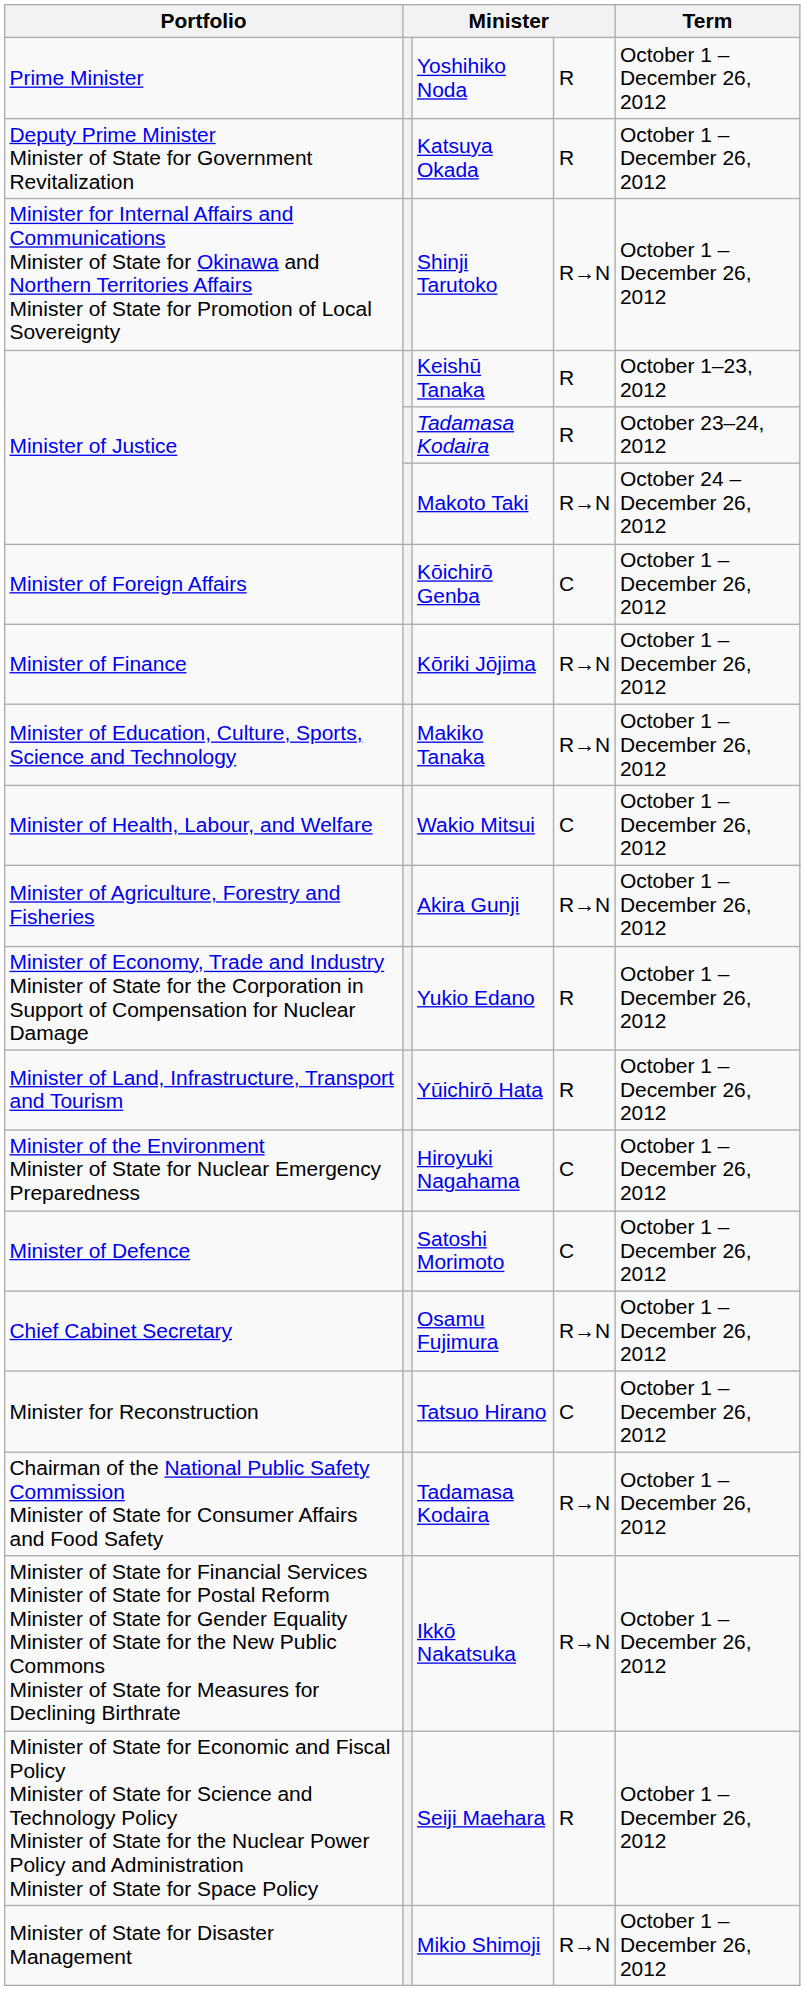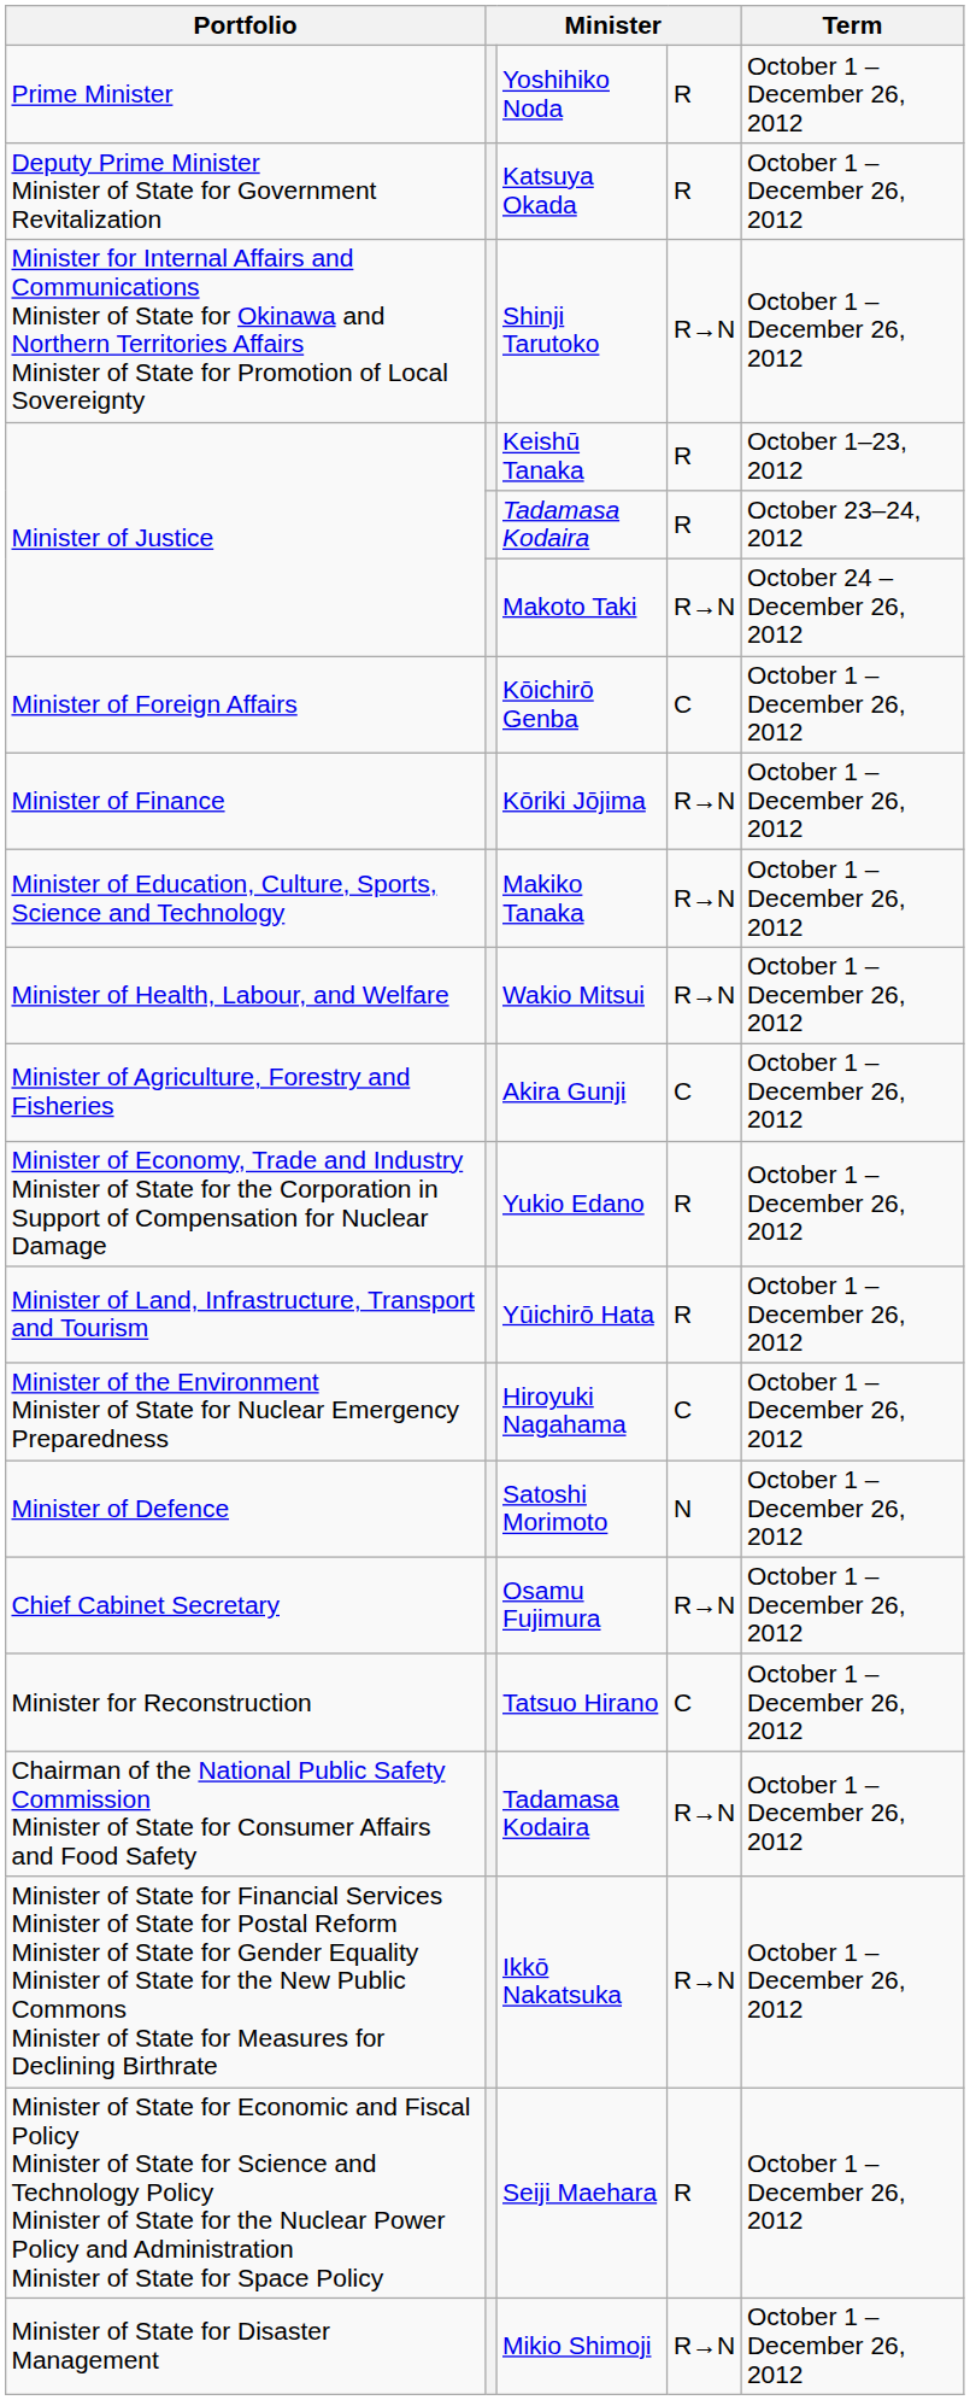 <table class="wikitable">
 <tr>
 <th>Portfolio</th>
 <th colspan=3>Minister</th>
 <th colspan=2>Term</th>
 </tr>
 <tr>
 <td><a href='#'>Prime Minister</a></td>
 <th style="color:inherit;background-color: "></th>
 <td><a href='#'>Yoshihiko Noda</a></td>
 <td>R</td>
 <td>October 1 – December 26, 2012</td>
 </tr>
 <tr>
 <td><a href='#'>Deputy Prime Minister</a> <br> Minister of State for Government Revitalization</td>
 <th style="color:inherit;background-color: "></th>
 <td><a href='#'>Katsuya Okada</a></td>
 <td>R</td>
 <td>October 1 – December 26, 2012</td>
 </tr>
 <tr>
 <td><a href='#'>Minister for Internal Affairs and Communications</a> <br> Minister of State for <a href='#'>Okinawa</a> and <a href='#'>Northern Territories Affairs</a> <br>Minister of State for Promotion of Local Sovereignty</td>
 <th style="color:inherit;background-color: "></th>
 <td><a href='#'>Shinji Tarutoko</a></td>
 <td>R→N</td>
 <td>October 1 – December 26, 2012</td>
 </tr>
 <tr>
 <td rowspan="3"><a href='#'>Minister of Justice</a></td>
 <th style="color:inherit;background-color: "></th>
 <td><a href='#'>Keishū Tanaka</a></td>
 <td>R</td>
 <td>October 1–23, 2012</td>
 </tr>
 <tr>
 <th style="color:inherit;background-color: "></th>
 <td><em><a href='#'>Tadamasa Kodaira</a></em></td>
 <td>R</td>
 <td>October 23–24, 2012</td>
 </tr>
 <tr>
 <th style="color:inherit;background-color: "></th>
 <td><a href='#'>Makoto Taki</a></td>
 <td>R→N</td>
 <td>October 24 – December 26, 2012</td>
 </tr>
 <tr>
 <td><a href='#'>Minister of Foreign Affairs</a></td>
 <th style="color:inherit;background-color: "></th>
 <td><a href='#'>Kōichirō Genba</a></td>
 <td>C</td>
 <td>October 1 – December 26, 2012</td>
 </tr>
 <tr>
 <td><a href='#'>Minister of Finance</a></td>
 <th style="color:inherit;background-color: "></th>
 <td><a href='#'>Kōriki Jōjima</a></td>
 <td>R→N</td>
 <td>October 1 – December 26, 2012</td>
 </tr>
 <tr>
 <td><a href='#'>Minister of Education, Culture, Sports, Science and Technology</a></td>
 <th style="color:inherit;background-color: "></th>
 <td><a href='#'>Makiko Tanaka</a></td>
 <td>R→N</td>
 <td>October 1 – December 26, 2012</td>
 </tr>
 <tr>
 <td><a href='#'>Minister of Health, Labour, and Welfare</a></td>
 <th style="color:inherit;background-color: "></th>
 <td><a href='#'>Wakio Mitsui</a></td>
-<td>C</td>
+<td>R→N</td>
 <td>October 1 – December 26, 2012</td>
 </tr>
 <tr>
 <td><a href='#'>Minister of Agriculture, Forestry and Fisheries</a></td>
 <th style="color:inherit;background-color: "></th>
 <td><a href='#'>Akira Gunji</a></td>
-<td>R→N</td>
+<td>C</td>
 <td>October 1 – December 26, 2012</td>
 </tr>
 <tr>
 <td><a href='#'>Minister of Economy, Trade and Industry</a> <br> Minister of State for the Corporation in Support of Compensation for Nuclear Damage</td>
 <th style="color:inherit;background-color: "></th>
 <td><a href='#'>Yukio Edano</a></td>
 <td>R</td>
 <td>October 1 – December 26, 2012</td>
 </tr>
 <tr>
 <td><a href='#'>Minister of Land, Infrastructure, Transport and Tourism</a></td>
 <th style="color:inherit;background-color: "></th>
 <td><a href='#'>Yūichirō Hata</a></td>
 <td>R</td>
 <td>October 1 – December 26, 2012</td>
 </tr>
 <tr>
 <td><a href='#'>Minister of the Environment</a> <br> Minister of State for Nuclear Emergency Preparedness</td>
 <th style="color:inherit;background-color: "></th>
 <td><a href='#'>Hiroyuki Nagahama</a></td>
 <td>C</td>
 <td>October 1 – December 26, 2012</td>
 </tr>
 <tr>
 <td><a href='#'>Minister of Defence</a></td>
 <th style="color:inherit;background-color: "></th>
 <td><a href='#'>Satoshi Morimoto</a></td>
-<td>C</td>
+<td>N</td>
 <td>October 1 – December 26, 2012</td>
 </tr>
 <tr>
 <td><a href='#'>Chief Cabinet Secretary</a></td>
 <th style="color:inherit;background-color: "></th>
 <td><a href='#'>Osamu Fujimura</a></td>
 <td>R→N</td>
 <td>October 1 – December 26, 2012</td>
 </tr>
 <tr>
 <td>Minister for Reconstruction</td>
 <th style="color:inherit;background-color: "></th>
 <td><a href='#'>Tatsuo Hirano</a></td>
 <td>C</td>
 <td>October 1 – December 26, 2012</td>
 </tr>
 <tr>
 <td>Chairman of the <a href='#'>National Public Safety Commission</a> <br> Minister of State for Consumer Affairs and Food Safety</td>
 <th style="color:inherit;background-color: "></th>
 <td><a href='#'>Tadamasa Kodaira</a></td>
 <td>R→N</td>
 <td>October 1 – December 26, 2012</td>
 </tr>
 <tr>
 <td>Minister of State for Financial Services <br> Minister of State for Postal Reform <br> Minister of State for Gender Equality <br> Minister of State for the New Public Commons <br> Minister of State for Measures for Declining Birthrate</td>
 <th style="color:inherit;background-color: "></th>
 <td><a href='#'>Ikkō Nakatsuka</a></td>
 <td>R→N</td>
 <td>October 1 – December 26, 2012</td>
 </tr>
 <tr>
 <td>Minister of State for Economic and Fiscal Policy <br> Minister of State for Science and Technology Policy <br> Minister of State for the Nuclear Power Policy and Administration <br> Minister of State for Space Policy</td>
 <th style="color:inherit;background-color: "></th>
 <td><a href='#'>Seiji Maehara</a></td>
 <td>R</td>
 <td>October 1 – December 26, 2012</td>
 </tr>
 <tr>
 <td>Minister of State for Disaster Management</td>
 <th style="color:inherit;background-color: "></th>
 <td><a href='#'>Mikio Shimoji</a></td>
 <td>R→N</td>
 <td>October 1 – December 26, 2012</td>
 </tr>
 </table>
